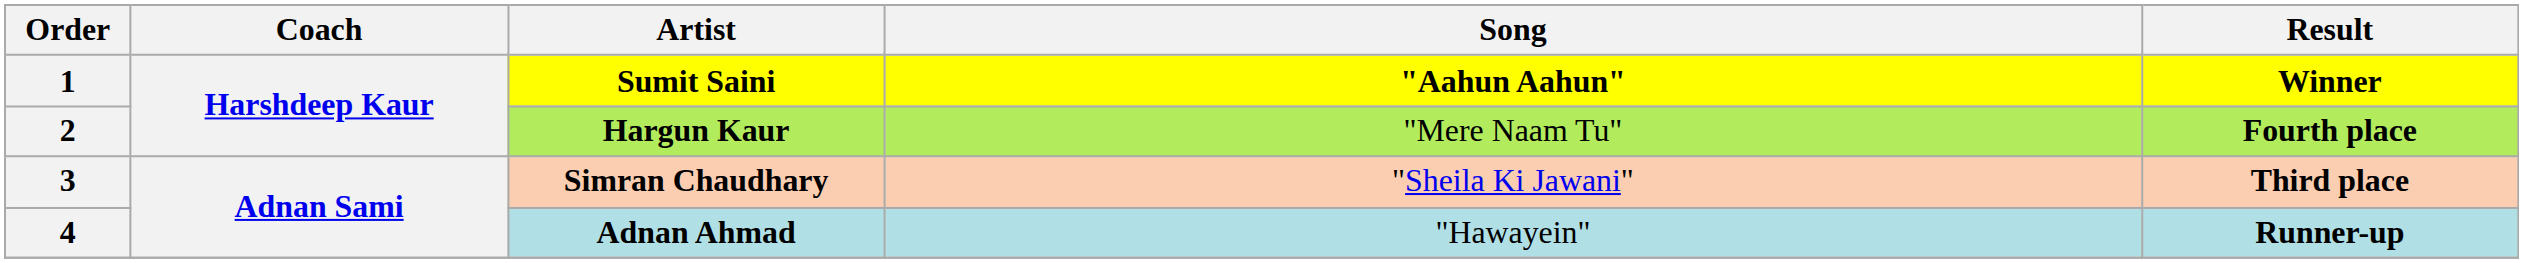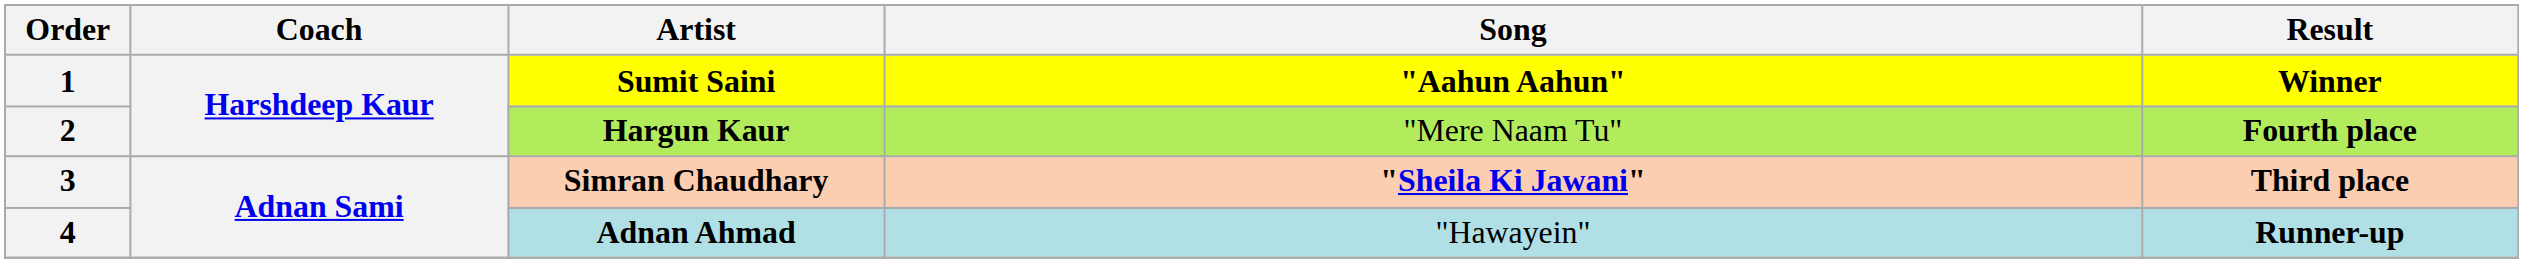 <table class="wikitable" style="width: 100%; text-align: center">
 <tr>
 <th width="05%">Order</th>
 <th width="15%">Coach</th>
 <th width="15%">Artist</th>
 <th width="50%">Song</th>
 <th width="15%">Result</th>
 </tr>
 <tr>
 <th>1</th>
 <th rowspan="2"><a href='#'>Harshdeep Kaur</a></th>
 <td style="background:yellow;"><strong>Sumit Saini</strong></td>
 <td style="background:yellow;"><strong>"Aahun Aahun"</strong></td>
 <td style="background:yellow;"><strong>Winner</strong></td>
 </tr>
 <tr>
 <th>2</th>
 <td style="background:#B2EC5D;"><strong>Hargun Kaur</strong></td>
 <td style="background:#B2EC5D;">"Mere Naam Tu"</td>
 <td style="background:#B2EC5D;"><strong>Fourth place</strong></td>
 </tr>
 <tr>
 <th>3</th>
 <th rowspan="2"><a href='#'>Adnan Sami</a></th>
 <td style="background:#FBCEB1;"><strong>Simran Chaudhary</strong></td>
-<td style="background:#FBCEB1;">"<a href='#'>Sheila Ki Jawani</a>"</td>
+<td style="background:#FBCEB1;"><strong>"<a href='#'>Sheila Ki Jawani</a>"</strong></td>
 <td style="background:#FBCEB1;"><strong>Third place</strong></td>
 </tr>
 <tr>
 <th>4</th>
 <td style="background:#B0E0E6;"><strong>Adnan Ahmad</strong></td>
 <td style="background:#B0E0E6;">"Hawayein"</td>
 <td style="background:#B0E0E6;"><strong>Runner-up</strong></td>
 </tr>
 <tr>
 </tr>
 </table>
